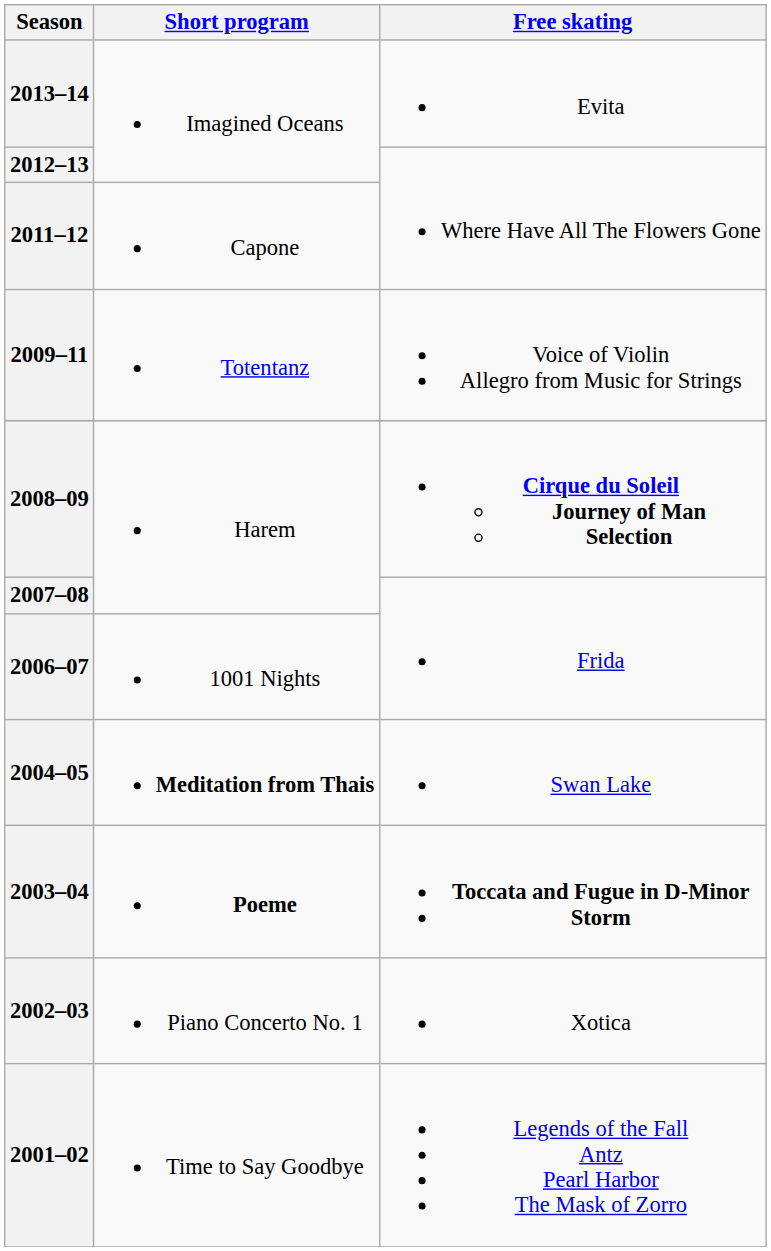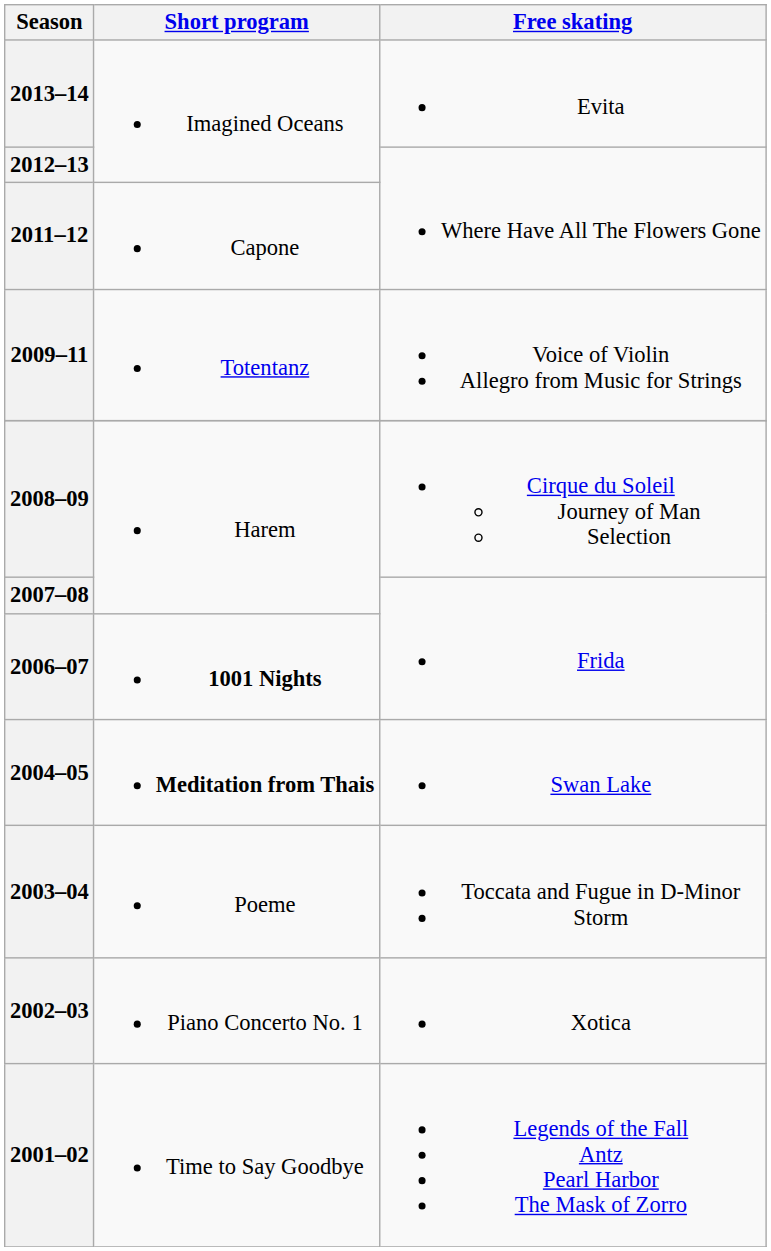 <table class=wikitable style=text-align:center>
 <tr>
 <th>Season</th>
 <th><a href='#'>Short program</a></th>
 <th><a href='#'>Free skating</a></th>
 </tr>
 <tr>
 <th>2013–14 <br></th>
 <td rowspan=2><br><ul><li>Imagined Oceans <br></li></ul></td>
 <td><br><ul><li>Evita <br></li></ul></td>
 </tr>
 <tr>
 <th>2012–13 <br></th>
 <td rowspan=2><br><ul><li>Where Have All The Flowers Gone</li></ul></td>
 </tr>
 <tr>
 <th>2011–12 <br></th>
 <td><br><ul><li>Capone <br></li></ul></td>
 </tr>
 <tr>
 <th>2009–11 <br></th>
 <td><br><ul><li><a href='#'>Totentanz</a> <br></li></ul></td>
 <td><br><ul><li>Voice of Violin <br></li><li>Allegro from Music for Strings <br></li></ul></td>
 </tr>
 <tr>
 </tr>
 <tr>
 <th>2008–09 <br></th>
 <td rowspan=2><br><ul><li>Harem <br></li></ul></td>
-<td><strong><br><ul><li><a href='#'>Cirque du Soleil</a><ul><li>Journey of Man</li><li>Selection</li></ul></li></ul></strong></td>
+<td><br><ul><li><a href='#'>Cirque du Soleil</a><ul><li>Journey of Man</li><li>Selection</li></ul></li></ul></td>
 </tr>
 <tr>
 <th>2007–08 <br></th>
 <td rowspan=2><br><ul><li><a href='#'>Frida</a> <br></li></ul></td>
 </tr>
 <tr>
 <th>2006–07 <br></th>
-<td><br><ul><li>1001 Nights</li></ul></td>
+<td><strong><br><ul><li>1001 Nights</li></ul></strong></td>
 </tr>
 <tr>
 <th>2004–05 <br></th>
 <td><strong><br><ul><li>Meditation from Thais <br></li></ul></strong></td>
 <td><br><ul><li><a href='#'>Swan Lake</a> <br></li></ul></td>
 </tr>
 <tr>
 <th>2003–04 <br></th>
-<td><strong><br><ul><li>Poeme <br></li></ul></strong></td>
-<td><strong><br><ul><li>Toccata and Fugue in D-Minor <br></li><li>Storm <br></li></ul></strong></td>
+<td><br><ul><li>Poeme <br></li></ul></td>
+<td><br><ul><li>Toccata and Fugue in D-Minor <br></li><li>Storm <br></li></ul></td>
 </tr>
 <tr>
 <th>2002–03 <br></th>
 <td><br><ul><li>Piano Concerto No. 1 <br></li></ul></td>
 <td><br><ul><li>Xotica <br></li></ul></td>
 </tr>
 <tr>
 <th>2001–02 <br></th>
 <td><br><ul><li>Time to Say Goodbye <br></li></ul></td>
 <td><br><ul><li><a href='#'>Legends of the Fall</a> <br></li><li><a href='#'>Antz</a></li><li><a href='#'>Pearl Harbor</a> <br></li><li><a href='#'>The Mask of Zorro</a> <br></li></ul></td>
 </tr>
 </table>
